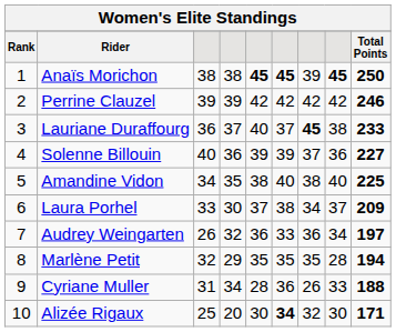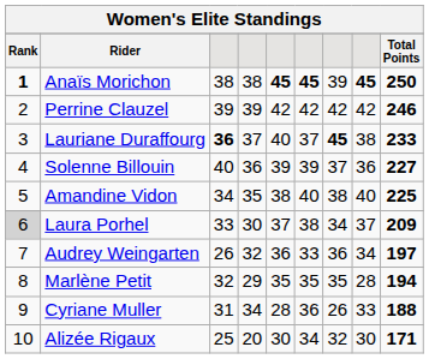 <table class="wikitable sortable">
 <tr>
 <th colspan=27 align="center">Women's Elite Standings</th>
 </tr>
 <tr>
 </tr>
 <tr style="font-size:8pt;font-weight:bold">
 <th align="center">Rank</th>
 <th align="center">Rider</th>
 <th class=unsortable style="background:#E5E4E2;"><small></small></th>
 <th class=unsortable style="background:#E5E4E2;"><small></small></th>
 <th class=unsortable style="background:#E5E4E2;"><small></small></th>
 <th class=unsortable style="background:#E5E4E2;"><small></small></th>
 <th class=unsortable style="background:#E5E4E2;"><small></small></th>
 <th class=unsortable style="background:#E5E4E2;"><small></small></th>
 <th align="center">Total<br>Points</th>
 </tr>
 <tr>
-<td align=center>1</td>
+<td align=center><strong>1</strong></td>
 <td> <a href='#'>Anaïs Morichon</a></td>
 <td align=center>38</td>
 <td align=center>38</td>
 <td align=center><strong>45</strong></td>
 <td align=center><strong>45</strong></td>
 <td align=center>39</td>
 <td align=center><strong>45</strong></td>
 <td align=center><strong>250</strong></td>
 </tr>
 <tr>
 <td align=center>2</td>
 <td> <a href='#'>Perrine Clauzel</a></td>
 <td align=center>39</td>
 <td align=center>39</td>
 <td align=center>42</td>
 <td align=center>42</td>
 <td align=center>42</td>
 <td align=center>42</td>
 <td align=center><strong>246</strong></td>
 </tr>
 <tr>
 <td align=center>3</td>
 <td> <a href='#'>Lauriane Duraffourg</a></td>
-<td align=center>36</td>
+<td align=center><strong>36</strong></td>
 <td align=center>37</td>
 <td align=center>40</td>
 <td align=center>37</td>
 <td align=center><strong>45</strong></td>
 <td align=center>38</td>
 <td align=center><strong>233</strong></td>
 </tr>
 <tr>
 <td align=center>4</td>
 <td> <a href='#'>Solenne Billouin</a></td>
 <td align=center>40</td>
 <td align=center>36</td>
 <td align=center>39</td>
 <td align=center>39</td>
 <td align=center>37</td>
 <td align=center>36</td>
 <td align=center><strong>227</strong></td>
 </tr>
 <tr>
 <td align=center>5</td>
 <td> <a href='#'>Amandine Vidon</a></td>
 <td align=center>34</td>
 <td align=center>35</td>
 <td align=center>38</td>
 <td align=center>40</td>
 <td align=center>38</td>
 <td align=center>40</td>
 <td align=center><strong>225</strong></td>
 </tr>
 <tr>
-<td align=center>6</td>
+<td align=center style="background: lightgrey;">6</td>
 <td> <a href='#'>Laura Porhel</a></td>
 <td align=center>33</td>
 <td align=center>30</td>
 <td align=center>37</td>
 <td align=center>38</td>
 <td align=center>34</td>
 <td align=center>37</td>
 <td align=center><strong>209</strong></td>
 </tr>
 <tr>
 <td align=center>7</td>
 <td> <a href='#'>Audrey Weingarten</a></td>
 <td align=center>26</td>
 <td align=center>32</td>
 <td align=center>36</td>
 <td align=center>33</td>
 <td align=center>36</td>
 <td align=center>34</td>
 <td align=center><strong>197</strong></td>
 </tr>
 <tr>
 <td align=center>8</td>
 <td> <a href='#'>Marlène Petit</a></td>
 <td align=center>32</td>
 <td align=center>29</td>
 <td align=center>35</td>
 <td align=center>35</td>
 <td align=center>35</td>
 <td align=center>28</td>
 <td align=center><strong>194</strong></td>
 </tr>
 <tr>
 <td align=center>9</td>
 <td> <a href='#'>Cyriane Muller</a></td>
 <td align=center>31</td>
 <td align=center>34</td>
 <td align=center>28</td>
 <td align=center>36</td>
 <td align=center>26</td>
 <td align=center>33</td>
 <td align=center><strong>188</strong></td>
 </tr>
 <tr>
 <td align=center>10</td>
 <td> <a href='#'>Alizée Rigaux</a></td>
 <td align=center>25</td>
 <td align=center>20</td>
 <td align=center>30</td>
-<td align=center><strong>34</strong></td>
+<td align=center>34</td>
 <td align=center>32</td>
 <td align=center>30</td>
 <td align=center><strong>171</strong></td>
 </tr>
 </table>
